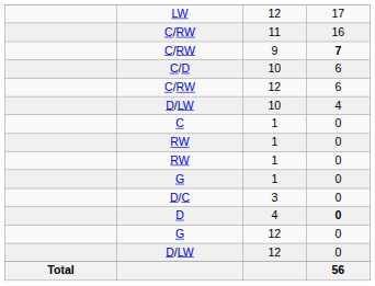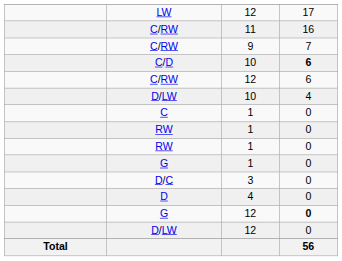 <table class="wikitable sortable" width ="40%">
 <tr align="center">
 </tr>
 <tr align="center" bgcolor="">
 <td></td>
 <td><a href='#'>LW</a></td>
 <td>12</td>
 <td>17</td>
 </tr>
 <tr align="center" bgcolor="f0f0f0">
 <td></td>
 <td><a href='#'>C</a>/<a href='#'>RW</a></td>
 <td>11</td>
 <td>16</td>
 </tr>
 <tr align="center" bgcolor="">
 <td></td>
 <td><a href='#'>C</a>/<a href='#'>RW</a></td>
 <td>9</td>
-<td><strong>7</strong></td>
+<td>7</td>
 </tr>
 <tr align="center" bgcolor="f0f0f0">
 <td></td>
 <td><a href='#'>C</a>/<a href='#'>D</a></td>
 <td>10</td>
-<td>6</td>
+<td><strong>6</strong></td>
 </tr>
 <tr align="center" bgcolor="">
 <td></td>
 <td><a href='#'>C</a>/<a href='#'>RW</a></td>
 <td>12</td>
 <td>6</td>
 </tr>
 <tr align="center" bgcolor="f0f0f0">
 <td></td>
 <td><a href='#'>D</a>/<a href='#'>LW</a></td>
 <td>10</td>
 <td>4</td>
 </tr>
 <tr align="center" bgcolor="">
 <td></td>
 <td><a href='#'>C</a></td>
 <td>1</td>
 <td>0</td>
 </tr>
 <tr align="center" bgcolor="f0f0f0">
 <td></td>
 <td><a href='#'>RW</a></td>
 <td>1</td>
 <td>0</td>
 </tr>
 <tr align="center" bgcolor="">
 <td></td>
 <td><a href='#'>RW</a></td>
 <td>1</td>
 <td>0</td>
 </tr>
 <tr align="center" bgcolor="f0f0f0">
 <td></td>
 <td><a href='#'>G</a></td>
 <td>1</td>
 <td>0</td>
 </tr>
 <tr align="center" bgcolor="">
 <td></td>
 <td><a href='#'>D</a>/<a href='#'>C</a></td>
 <td>3</td>
 <td>0</td>
 </tr>
 <tr align="center" bgcolor="f0f0f0">
 <td></td>
 <td><a href='#'>D</a></td>
 <td>4</td>
-<td><strong>0</strong></td>
+<td>0</td>
 </tr>
 <tr align="center" bgcolor="">
 <td></td>
 <td><a href='#'>G</a></td>
 <td>12</td>
-<td>0</td>
+<td><strong>0</strong></td>
 </tr>
 <tr align="center" bgcolor="f0f0f0">
 <td></td>
 <td><a href='#'>D</a>/<a href='#'>LW</a></td>
 <td>12</td>
 <td>0</td>
 </tr>
 <tr align="center" bgcolor="">
 </tr>
 <tr>
 <th>Total</th>
 <th></th>
 <th></th>
 <th>56</th>
 </tr>
 </table>
